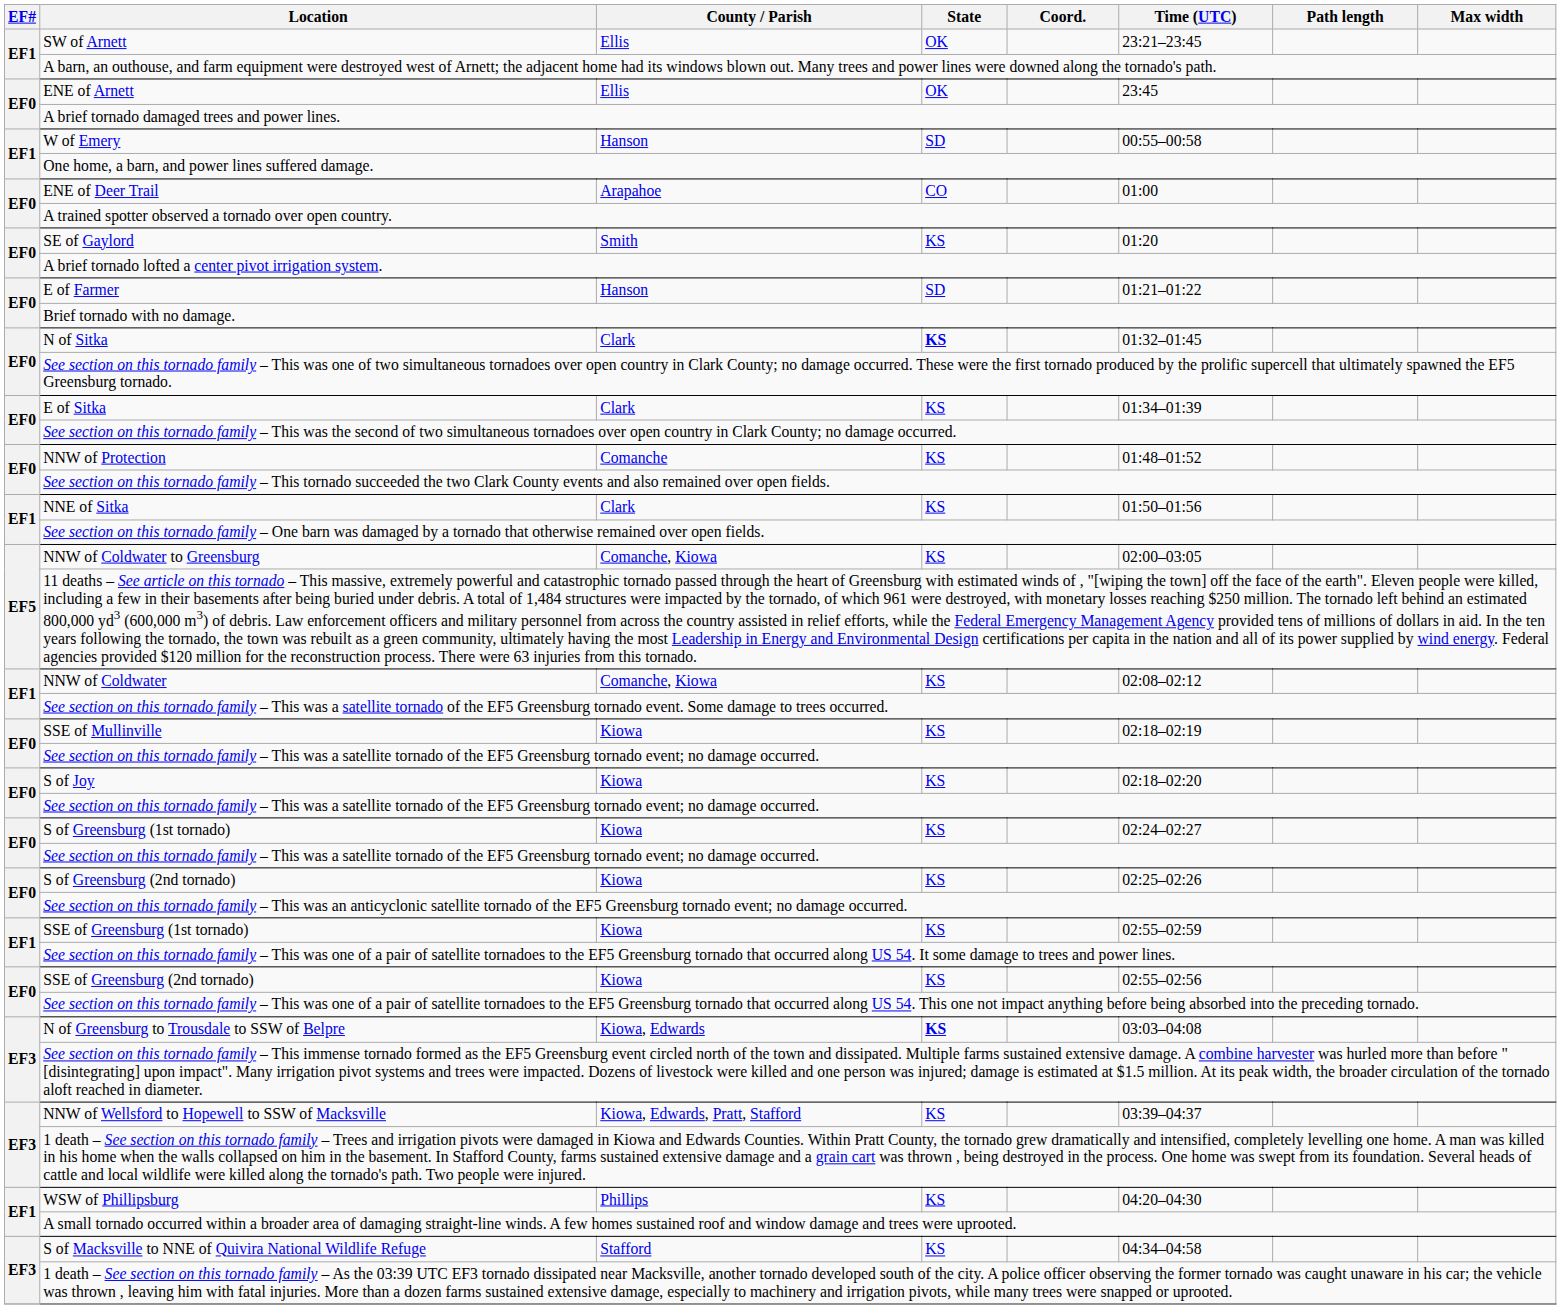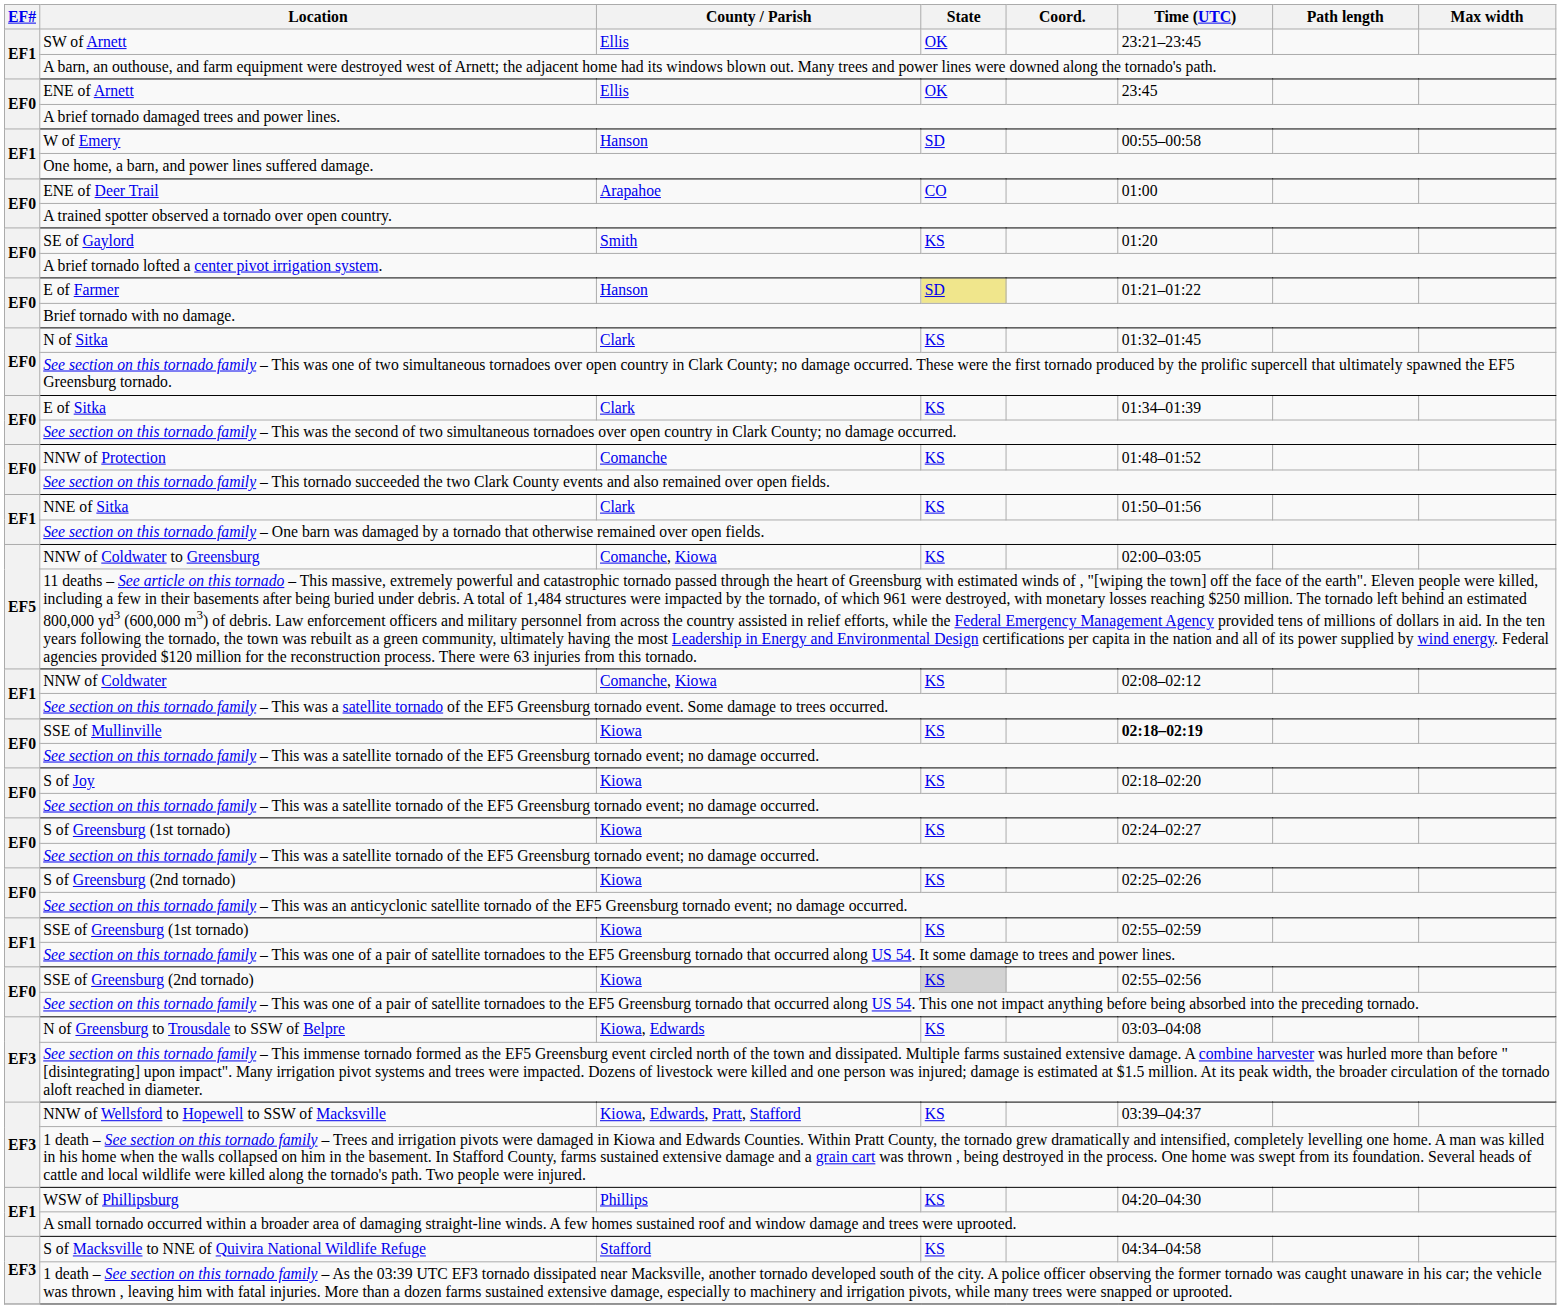 <table class="wikitable sortable" style="width:100%;">
 <tr>
 <th scope="col" align="center"><a href='#'>EF#</a></th>
 <th scope="col" align="center" class="unsortable">Location</th>
 <th scope="col" align="center" class="unsortable">County / Parish</th>
 <th scope="col" align="center">State</th>
 <th scope="col" align="center">Coord.</th>
 <th scope="col" align="center">Time (<a href='#'>UTC</a>)</th>
 <th scope="col" align="center">Path length</th>
 <th scope="col" align="center">Max width</th>
 </tr>
 <tr>
 <th scope="row" rowspan="2" style="background-color:#">EF1</th>
 <td>SW of <a href='#'>Arnett</a></td>
 <td><a href='#'>Ellis</a></td>
 <td><a href='#'>OK</a></td>
 <td></td>
 <td>23:21–23:45</td>
 <td></td>
 <td></td>
 </tr>
 <tr class="expand-child">
 <td colspan="8" style=" border-bottom: 1px solid black;">A barn, an outhouse, and farm equipment were destroyed west of Arnett; the adjacent home had its windows blown out. Many trees and power lines were downed along the tornado's path.</td>
 </tr>
 <tr>
 <th scope="row" rowspan="2" style="background-color:#">EF0</th>
 <td>ENE of <a href='#'>Arnett</a></td>
 <td><a href='#'>Ellis</a></td>
 <td><a href='#'>OK</a></td>
 <td></td>
 <td>23:45</td>
 <td></td>
 <td></td>
 </tr>
 <tr class="expand-child">
 <td colspan="8" style="border-bottom: 1px solid black">A brief tornado damaged trees and power lines.</td>
 </tr>
 <tr>
 <th scope="row" rowspan="2" style="background-color:#">EF1</th>
 <td>W of <a href='#'>Emery</a></td>
 <td><a href='#'>Hanson</a></td>
 <td><a href='#'>SD</a></td>
 <td></td>
 <td>00:55–00:58</td>
 <td></td>
 <td></td>
 </tr>
 <tr class="expand-child">
 <td colspan="8" style="border-bottom: 1px solid black">One home, a barn, and power lines suffered damage.</td>
 </tr>
 <tr>
 <th scope="row" rowspan="2" style="background-color:#">EF0</th>
 <td>ENE of <a href='#'>Deer Trail</a></td>
 <td><a href='#'>Arapahoe</a></td>
 <td><a href='#'>CO</a></td>
 <td></td>
 <td>01:00</td>
 <td></td>
 <td></td>
 </tr>
 <tr class="expand-child">
 <td colspan="8" style="border-bottom: 1px solid black">A trained spotter observed a tornado over open country.</td>
 </tr>
 <tr>
 <th scope="row" rowspan="2" style="background-color:#">EF0</th>
 <td>SE of <a href='#'>Gaylord</a></td>
 <td><a href='#'>Smith</a></td>
 <td><a href='#'>KS</a></td>
 <td></td>
 <td>01:20</td>
 <td></td>
 <td></td>
 </tr>
 <tr class="expand-child">
 <td colspan="8" style="border-bottom: 1px solid black">A brief tornado lofted a <a href='#'>center pivot irrigation system</a>.</td>
 </tr>
 <tr>
 <th scope="row" rowspan="2" style="background-color:#">EF0</th>
 <td>E of <a href='#'>Farmer</a></td>
 <td><a href='#'>Hanson</a></td>
-<td><a href='#'>SD</a></td>
+<td style="background: khaki;"><a href='#'>SD</a></td>
 <td></td>
 <td>01:21–01:22</td>
 <td></td>
 <td></td>
 </tr>
 <tr class="expand-child">
 <td colspan="8" style="border-bottom: 1px solid black">Brief tornado with no damage.</td>
 </tr>
 <tr>
 <th scope="row" rowspan="2" style="background-color:#">EF0</th>
 <td>N of <a href='#'>Sitka</a></td>
 <td><a href='#'>Clark</a></td>
-<td><strong><a href='#'>KS</a></strong></td>
+<td><a href='#'>KS</a></td>
 <td></td>
 <td>01:32–01:45</td>
 <td></td>
 <td></td>
 </tr>
 <tr class="expand-child">
 <td colspan="8" style="border-bottom: 1px solid black"><em><a href='#'>See section on this tornado family</a></em> – This was one of two simultaneous tornadoes over open country in Clark County; no damage occurred. These were the first tornado produced by the prolific supercell that ultimately spawned the EF5 Greensburg tornado.</td>
 </tr>
 <tr>
 <th scope="row" rowspan="2" style="background-color:#">EF0</th>
 <td>E of <a href='#'>Sitka</a></td>
 <td><a href='#'>Clark</a></td>
 <td><a href='#'>KS</a></td>
 <td></td>
 <td>01:34–01:39</td>
 <td></td>
 <td></td>
 </tr>
 <tr class="expand-child">
 <td colspan="8" style="border-bottom: 1px solid black"><em><a href='#'>See section on this tornado family</a></em> – This was the second of two simultaneous tornadoes over open country in Clark County; no damage occurred.</td>
 </tr>
 <tr>
 <th scope="row" rowspan="2" style="background-color:#">EF0</th>
 <td>NNW of <a href='#'>Protection</a></td>
 <td><a href='#'>Comanche</a></td>
 <td><a href='#'>KS</a></td>
 <td></td>
 <td>01:48–01:52</td>
 <td></td>
 <td></td>
 </tr>
 <tr class="expand-child">
 <td colspan="8" style="border-bottom: 1px solid black"><em><a href='#'>See section on this tornado family</a></em> – This tornado succeeded the two Clark County events and also remained over open fields.</td>
 </tr>
 <tr>
 <th scope="row" rowspan="2" style="background-color:#">EF1</th>
 <td>NNE of <a href='#'>Sitka</a></td>
 <td><a href='#'>Clark</a></td>
 <td><a href='#'>KS</a></td>
 <td></td>
 <td>01:50–01:56</td>
 <td></td>
 <td></td>
 </tr>
 <tr class="expand-child">
 <td colspan="8" style="border-bottom: 1px solid black"><em><a href='#'>See section on this tornado family</a></em> – One barn was damaged by a tornado that otherwise remained over open fields.</td>
 </tr>
 <tr>
 <th scope="row" rowspan="2" style="background-color:#">EF5</th>
 <td>NNW of <a href='#'>Coldwater</a> to <a href='#'>Greensburg</a></td>
 <td><a href='#'>Comanche</a>, <a href='#'>Kiowa</a></td>
 <td><a href='#'>KS</a></td>
 <td></td>
 <td>02:00–03:05</td>
 <td></td>
 <td></td>
 </tr>
 <tr class="expand-child">
 <td colspan="8" style="border-bottom: 1px solid black">11 deaths – <em><a href='#'>See article on this tornado</a></em> – This massive, extremely powerful and catastrophic tornado passed through the heart of Greensburg with estimated winds of , "[wiping the town] off the face of the earth". Eleven people were killed, including a few in their basements after being buried under debris. A total of 1,484 structures were impacted by the tornado, of which 961 were destroyed, with monetary losses reaching $250 million. The tornado left behind an estimated 800,000 yd<sup>3</sup> (600,000 m<sup>3</sup>) of debris. Law enforcement officers and military personnel from across the country assisted in relief efforts, while the <a href='#'>Federal Emergency Management Agency</a> provided tens of millions of dollars in aid. In the ten years following the tornado, the town was rebuilt as a green community, ultimately having the most <a href='#'>Leadership in Energy and Environmental Design</a> certifications per capita in the nation and all of its power supplied by <a href='#'>wind energy</a>. Federal agencies provided $120 million for the reconstruction process. There were 63 injuries from this tornado.</td>
 </tr>
 <tr>
 <th scope="row" rowspan="2" style="background-color:#">EF1</th>
 <td>NNW of <a href='#'>Coldwater</a></td>
 <td><a href='#'>Comanche</a>, <a href='#'>Kiowa</a></td>
 <td><a href='#'>KS</a></td>
 <td></td>
 <td>02:08–02:12</td>
 <td></td>
 <td></td>
 </tr>
 <tr class="expand-child">
 <td colspan="8" style="border-bottom: 1px solid black"><em><a href='#'>See section on this tornado family</a></em> – This was a <a href='#'>satellite tornado</a> of the EF5 Greensburg tornado event. Some damage to trees occurred.</td>
 </tr>
 <tr>
 <th scope="row" rowspan="2" style="background-color:#">EF0</th>
 <td>SSE of <a href='#'>Mullinville</a></td>
 <td><a href='#'>Kiowa</a></td>
 <td><a href='#'>KS</a></td>
 <td></td>
-<td>02:18–02:19</td>
+<td><strong>02:18–02:19</strong></td>
 <td></td>
 <td></td>
 </tr>
 <tr class="expand-child">
 <td colspan="8" style="border-bottom: 1px solid black"><em><a href='#'>See section on this tornado family</a></em> – This was a satellite tornado of the EF5 Greensburg tornado event; no damage occurred.</td>
 </tr>
 <tr>
 <th scope="row" rowspan="2" style="background-color:#">EF0</th>
 <td>S of <a href='#'>Joy</a></td>
 <td><a href='#'>Kiowa</a></td>
 <td><a href='#'>KS</a></td>
 <td></td>
 <td>02:18–02:20</td>
 <td></td>
 <td></td>
 </tr>
 <tr class="expand-child">
 <td colspan="8" style="border-bottom: 1px solid black"><em><a href='#'>See section on this tornado family</a></em> – This was a satellite tornado of the EF5 Greensburg tornado event; no damage occurred.</td>
 </tr>
 <tr>
 <th scope="row" rowspan="2" style="background-color:#">EF0</th>
 <td>S of <a href='#'>Greensburg</a> (1st tornado)</td>
 <td><a href='#'>Kiowa</a></td>
 <td><a href='#'>KS</a></td>
 <td></td>
 <td>02:24–02:27</td>
 <td></td>
 <td></td>
 </tr>
 <tr class="expand-child">
 <td colspan="8" style="border-bottom: 1px solid black"><em><a href='#'>See section on this tornado family</a></em> – This was a satellite tornado of the EF5 Greensburg tornado event; no damage occurred.</td>
 </tr>
 <tr>
 <th scope="row" rowspan="2" style="background-color:#">EF0</th>
 <td>S of <a href='#'>Greensburg</a> (2nd tornado)</td>
 <td><a href='#'>Kiowa</a></td>
 <td><a href='#'>KS</a></td>
 <td></td>
 <td>02:25–02:26</td>
 <td></td>
 <td></td>
 </tr>
 <tr class="expand-child">
 <td colspan="8" style="border-bottom: 1px solid black"><em><a href='#'>See section on this tornado family</a></em> – This was an anticyclonic satellite tornado of the EF5 Greensburg tornado event; no damage occurred.</td>
 </tr>
 <tr>
 <th scope="row" rowspan="2" style="background-color:#">EF1</th>
 <td>SSE of <a href='#'>Greensburg</a> (1st tornado)</td>
 <td><a href='#'>Kiowa</a></td>
 <td><a href='#'>KS</a></td>
 <td></td>
 <td>02:55–02:59</td>
 <td></td>
 <td></td>
 </tr>
 <tr class="expand-child">
 <td colspan="8" style="border-bottom: 1px solid black"><em><a href='#'>See section on this tornado family</a></em> – This was one of a pair of satellite tornadoes to the EF5 Greensburg tornado that occurred along <a href='#'>US 54</a>. It some damage to trees and power lines.</td>
 </tr>
 <tr>
 <th scope="row" rowspan="2" style="background-color:#">EF0</th>
 <td>SSE of <a href='#'>Greensburg</a> (2nd tornado)</td>
 <td><a href='#'>Kiowa</a></td>
-<td><a href='#'>KS</a></td>
+<td style="background: lightgrey;"><a href='#'>KS</a></td>
 <td></td>
 <td>02:55–02:56</td>
 <td></td>
 <td></td>
 </tr>
 <tr class="expand-child">
 <td colspan="8" style="border-bottom: 1px solid black"><em><a href='#'>See section on this tornado family</a></em> –  This was one of a pair of satellite tornadoes to the EF5 Greensburg tornado that occurred along <a href='#'>US 54</a>. This one not impact anything before being absorbed into the preceding tornado.</td>
 </tr>
 <tr>
 <th scope="row" rowspan="2" style="background-color:#">EF3</th>
 <td>N of <a href='#'>Greensburg</a> to <a href='#'>Trousdale</a> to SSW of <a href='#'>Belpre</a></td>
 <td><a href='#'>Kiowa</a>, <a href='#'>Edwards</a></td>
-<td><strong><a href='#'>KS</a></strong></td>
+<td><a href='#'>KS</a></td>
 <td></td>
 <td>03:03–04:08</td>
 <td></td>
 <td></td>
 </tr>
 <tr class="expand-child">
 <td colspan="8" style="border-bottom: 1px solid black"><em><a href='#'>See section on this tornado family</a></em> – This immense tornado formed as the EF5 Greensburg event circled north of the town and dissipated. Multiple farms sustained extensive damage. A <a href='#'>combine harvester</a> was hurled more than  before "[disintegrating] upon impact". Many irrigation pivot systems and trees were impacted. Dozens of livestock were killed and one person was injured; damage is estimated at $1.5 million. At its peak width, the broader circulation of the tornado aloft reached  in diameter.</td>
 </tr>
 <tr>
 <th scope="row" rowspan="2" style="background-color:#">EF3</th>
 <td>NNW of <a href='#'>Wellsford</a> to <a href='#'>Hopewell</a> to SSW of <a href='#'>Macksville</a></td>
 <td><a href='#'>Kiowa</a>, <a href='#'>Edwards</a>, <a href='#'>Pratt</a>, <a href='#'>Stafford</a></td>
 <td><a href='#'>KS</a></td>
 <td></td>
 <td>03:39–04:37</td>
 <td></td>
 <td></td>
 </tr>
 <tr class="expand-child">
 <td colspan="8" style="border-bottom: 1px solid black">1 death – <em><a href='#'>See section on this tornado family</a></em> – Trees and irrigation pivots were damaged in Kiowa and Edwards Counties. Within Pratt County, the tornado grew dramatically and intensified, completely levelling one home. A man was killed in his home when the walls collapsed on him in the basement. In Stafford County, farms sustained extensive damage and a <a href='#'>grain cart</a> was thrown , being destroyed in the process. One home was swept from its foundation. Several heads of cattle and local wildlife were killed along the tornado's path. Two people were injured.</td>
 </tr>
 <tr>
 <th scope="row" rowspan="2" style="background-color:#">EF1</th>
 <td>WSW of <a href='#'>Phillipsburg</a></td>
 <td><a href='#'>Phillips</a></td>
 <td><a href='#'>KS</a></td>
 <td></td>
 <td>04:20–04:30</td>
 <td></td>
 <td></td>
 </tr>
 <tr class="expand-child">
 <td colspan="8" style="border-bottom: 1px solid black">A small tornado occurred within a broader area of damaging straight-line winds. A few homes sustained roof and window damage and trees were uprooted.</td>
 </tr>
 <tr>
 <th scope="row" rowspan="2" style="background-color:#">EF3</th>
 <td>S of <a href='#'>Macksville</a> to NNE of <a href='#'>Quivira National Wildlife Refuge</a></td>
 <td><a href='#'>Stafford</a></td>
 <td><a href='#'>KS</a></td>
 <td></td>
 <td>04:34–04:58</td>
 <td></td>
 <td></td>
 </tr>
 <tr class="expand-child">
 <td colspan="8" style="border-bottom: 1px solid black">1 death – <em><a href='#'>See section on this tornado family</a></em> – As the 03:39 UTC EF3 tornado dissipated near Macksville, another tornado developed south of the city. A police officer observing the former tornado was caught unaware in his car; the vehicle was thrown , leaving him with fatal injuries. More than a dozen farms sustained extensive damage, especially to machinery and irrigation pivots, while many trees were snapped or uprooted.</td>
 </tr>
 <tr>
 </tr>
 </table>
